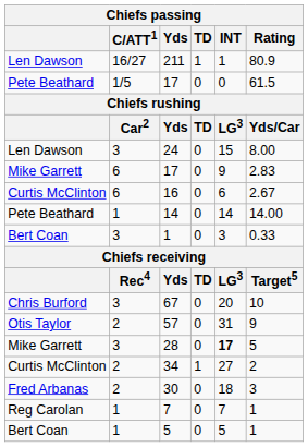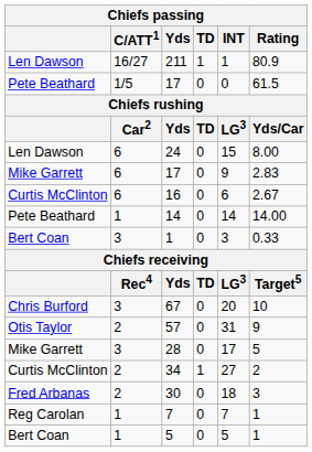 <table class="wikitable">
 <tr>
 <th colspan="6">Chiefs passing</th>
 </tr>
 <tr>
 <th></th>
 <th>C/ATT<sup>1</sup></th>
 <th>Yds</th>
 <th>TD</th>
 <th>INT</th>
 <th>Rating</th>
 </tr>
 <tr>
 <td><a href='#'>Len Dawson</a></td>
 <td>16/27</td>
 <td>211</td>
 <td>1</td>
 <td>1</td>
 <td>80.9</td>
 </tr>
 <tr>
 <td><a href='#'>Pete Beathard</a></td>
 <td>1/5</td>
 <td>17</td>
 <td>0</td>
 <td>0</td>
 <td>61.5</td>
 </tr>
 <tr>
 <th colspan="6">Chiefs rushing</th>
 </tr>
 <tr>
 <th></th>
 <th>Car<sup>2</sup></th>
 <th>Yds</th>
 <th>TD</th>
 <th>LG<sup>3</sup></th>
 <th>Yds/Car</th>
 </tr>
 <tr>
 <td>Len Dawson</td>
-<td>3</td>
+<td>6</td>
 <td>24</td>
 <td>0</td>
 <td>15</td>
 <td>8.00</td>
 </tr>
 <tr>
 <td><a href='#'>Mike Garrett</a></td>
 <td>6</td>
 <td>17</td>
 <td>0</td>
 <td>9</td>
 <td>2.83</td>
 </tr>
 <tr>
 <td><a href='#'>Curtis McClinton</a></td>
 <td>6</td>
 <td>16</td>
 <td>0</td>
 <td>6</td>
 <td>2.67</td>
 </tr>
 <tr>
 <td>Pete Beathard</td>
 <td>1</td>
 <td>14</td>
 <td>0</td>
 <td>14</td>
 <td>14.00</td>
 </tr>
 <tr>
 <td><a href='#'>Bert Coan</a></td>
 <td>3</td>
 <td>1</td>
 <td>0</td>
 <td>3</td>
 <td>0.33</td>
 </tr>
 <tr>
 <th colspan="6">Chiefs receiving</th>
 </tr>
 <tr>
 <th></th>
 <th>Rec<sup>4</sup></th>
 <th>Yds</th>
 <th>TD</th>
 <th>LG<sup>3</sup></th>
 <th>Target<sup>5</sup></th>
 </tr>
 <tr>
 <td><a href='#'>Chris Burford</a></td>
 <td>3</td>
 <td>67</td>
 <td>0</td>
 <td>20</td>
 <td>10</td>
 </tr>
 <tr>
 <td><a href='#'>Otis Taylor</a></td>
 <td>2</td>
 <td>57</td>
 <td>0</td>
 <td>31</td>
 <td>9</td>
 </tr>
 <tr>
 <td>Mike Garrett</td>
 <td>3</td>
 <td>28</td>
 <td>0</td>
-<td><strong>17</strong></td>
+<td>17</td>
 <td>5</td>
 </tr>
 <tr>
 <td>Curtis McClinton</td>
 <td>2</td>
 <td>34</td>
 <td>1</td>
 <td>27</td>
 <td>2</td>
 </tr>
 <tr>
 <td><a href='#'>Fred Arbanas</a></td>
 <td>2</td>
 <td>30</td>
 <td>0</td>
 <td>18</td>
 <td>3</td>
 </tr>
 <tr>
 <td>Reg Carolan</td>
 <td>1</td>
 <td>7</td>
 <td>0</td>
 <td>7</td>
 <td>1</td>
 </tr>
 <tr>
 <td>Bert Coan</td>
 <td>1</td>
 <td>5</td>
 <td>0</td>
 <td>5</td>
 <td>1</td>
 </tr>
 </table>
